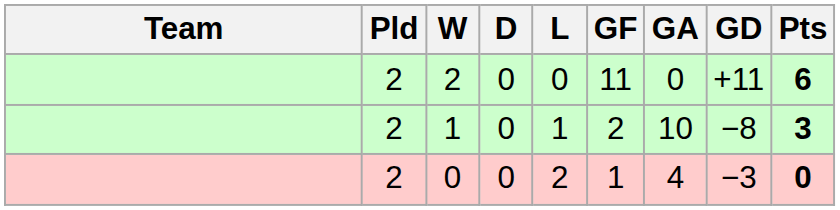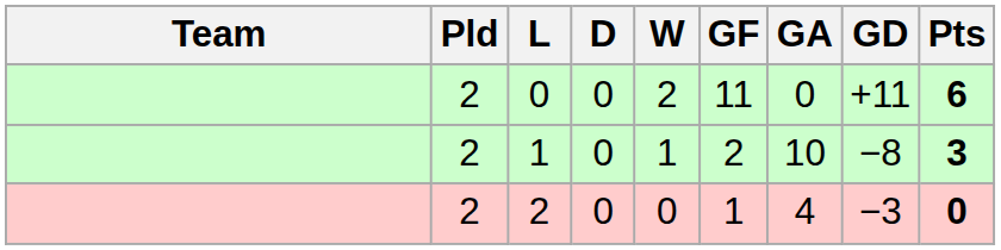 <table class="wikitable" style="text-align:center;">
 <tr>
 <th width=175>Team</th>
 <th width=20 abbr="Played">Pld</th>
+<th width=20 abbr="Lost">L</th>
+<th width=20 abbr="Drawn">D</th>
 <th width=20 abbr="Won">W</th>
-<th width=20 abbr="Drawn">D</th>
-<th width=20 abbr="Lost">L</th>
 <th width=20 abbr="Goals for">GF</th>
 <th width=20 abbr="Goals against">GA</th>
 <th width=20 abbr="Goal difference">GD</th>
 <th width=20 abbr="Points">Pts</th>
 </tr>
 <tr bgcolor=#ccffcc>
 <td align=left></td>
 <td>2</td>
-<td>2</td>
 <td>0</td>
 <td>0</td>
+<td>2</td>
 <td>11</td>
 <td>0</td>
 <td>+11</td>
 <td><strong>6</strong></td>
 </tr>
 <tr bgcolor=#ccffcc>
 <td align=left></td>
 <td>2</td>
 <td>1</td>
 <td>0</td>
 <td>1</td>
 <td>2</td>
 <td>10</td>
 <td>−8</td>
 <td><strong>3</strong></td>
 </tr>
 <tr bgcolor=#ffcccc>
 <td align=left></td>
 <td>2</td>
+<td>2</td>
 <td>0</td>
 <td>0</td>
-<td>2</td>
 <td>1</td>
 <td>4</td>
 <td>−3</td>
 <td><strong>0</strong></td>
 </tr>
 </table>
